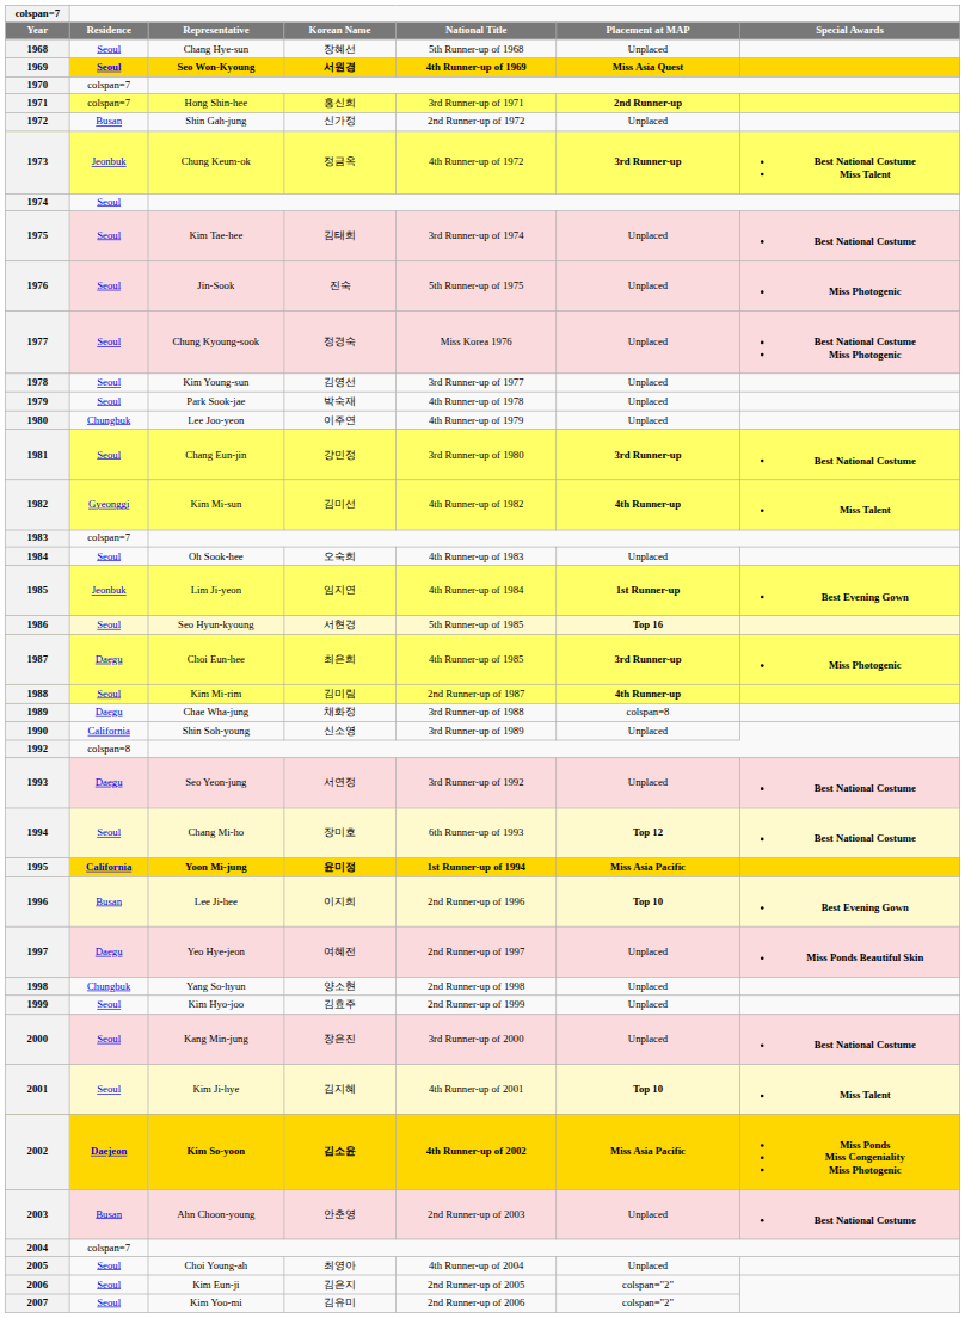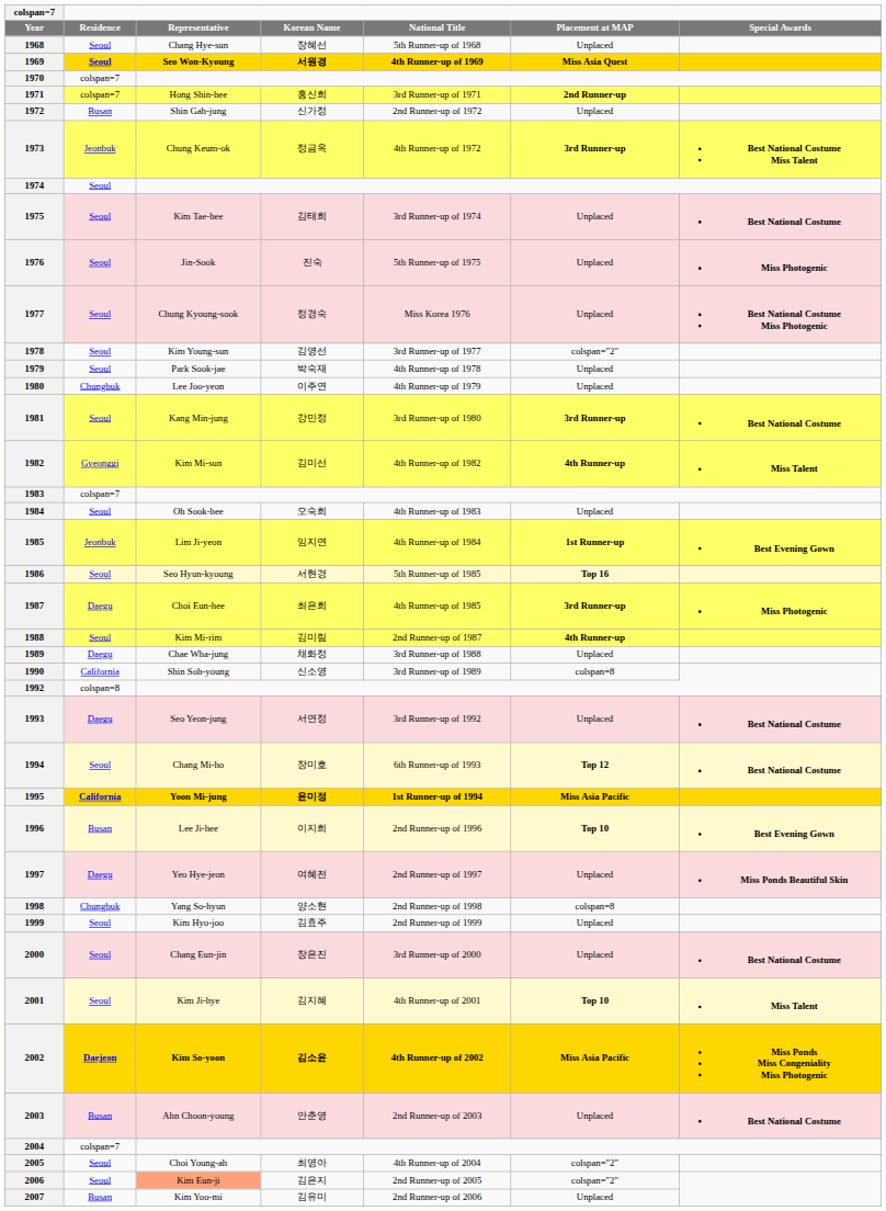 <table class="wikitable sortable" style="font-size: 85%; text-align:center">
 <tr>
 <th>colspan=7 </th>
 </tr>
 <tr>
 <th width="80" style="background-color:#787878;color:#FFFFFF;">Year</th>
 <th width="100" style="background-color:#787878;color:#FFFFFF;">Residence</th>
 <th width="180" style="background-color:#787878;color:#FFFFFF;">Representative</th>
 <th width="150" style="background-color:#787878;color:#FFFFFF;">Korean Name</th>
 <th width="220" style="background-color:#787878;color:#FFFFFF;">National Title</th>
 <th width="250" style="background-color:#787878;color:#FFFFFF;">Placement at MAP</th>
 <th width="300" style="background-color:#787878;color:#FFFFFF;">Special Awards</th>
 </tr>
 <tr>
 <th>1968</th>
 <td><a href='#'>Seoul</a></td>
 <td>Chang Hye-sun</td>
 <td>장혜선</td>
 <td>5th Runner-up of 1968</td>
 <td>Unplaced</td>
 <td></td>
 </tr>
 <tr align="center" style="background:gold; font-weight: bold">
 <th>1969</th>
 <td><a href='#'>Seoul</a></td>
 <td><strong>Seo Won-Kyoung</strong></td>
 <td>서원경</td>
 <td>4th Runner-up of 1969</td>
 <td><strong>Miss Asia Quest</strong></td>
 <td></td>
 </tr>
 <tr>
 <th>1970</th>
 <td>colspan=7 </td>
 </tr>
 <tr style="background-color:#FFFF66; ">
 <th>1971</th>
 <td>colspan=7 </td>
 <td>Hong Shin-hee</td>
 <td>홍신희</td>
 <td>3rd Runner-up of 1971</td>
 <td><strong>2nd Runner-up</strong></td>
 <td></td>
 </tr>
 <tr>
 <th>1972</th>
 <td><a href='#'>Busan</a></td>
 <td>Shin Gah-jung</td>
 <td>신가정</td>
 <td>2nd Runner-up of 1972</td>
 <td>Unplaced</td>
 <td></td>
 </tr>
 <tr style="background-color:#FFFF66; ">
 <th>1973</th>
 <td><a href='#'>Jeonbuk</a></td>
 <td>Chung Keum-ok</td>
 <td>정금옥</td>
 <td>4th Runner-up of 1972</td>
 <td><strong>3rd Runner-up</strong></td>
 <td><br><ul><li><strong>Best National Costume</strong></li><li><strong>Miss Talent</strong></li></ul></td>
 </tr>
 <tr>
 <th>1974</th>
 <td><a href='#'>Seoul</a></td>
 </tr>
 <tr style="background-color:#FADADD;: bold">
 <th>1975</th>
 <td><a href='#'>Seoul</a></td>
 <td>Kim Tae-hee</td>
 <td>김태희</td>
 <td>3rd Runner-up of 1974</td>
 <td>Unplaced</td>
 <td><br><ul><li><strong>Best National Costume</strong></li></ul></td>
 </tr>
 <tr style="background-color:#FADADD;: bold">
 <th>1976</th>
 <td><a href='#'>Seoul</a></td>
 <td>Jin-Sook</td>
 <td>진숙</td>
 <td>5th Runner-up of 1975</td>
 <td>Unplaced</td>
 <td><br><ul><li><strong>Miss Photogenic</strong></li></ul></td>
 </tr>
 <tr style="background-color:#FADADD;: bold">
 <th>1977</th>
 <td><a href='#'>Seoul</a></td>
 <td>Chung Kyoung-sook</td>
 <td>정경숙</td>
 <td>Miss Korea 1976</td>
 <td>Unplaced</td>
 <td><br><ul><li><strong>Best National Costume</strong></li><li><strong>Miss Photogenic</strong></li></ul></td>
 </tr>
 <tr>
 <th>1978</th>
 <td><a href='#'>Seoul</a></td>
 <td>Kim Young-sun</td>
 <td>김영선</td>
 <td>3rd Runner-up of 1977</td>
-<td>Unplaced</td>
+<td>colspan="2" </td>
 <td></td>
 </tr>
 <tr>
 <th>1979</th>
 <td><a href='#'>Seoul</a></td>
 <td>Park Sook-jae</td>
 <td>박숙재</td>
 <td>4th Runner-up of 1978</td>
 <td>Unplaced</td>
 <td></td>
 </tr>
 <tr>
 <th>1980</th>
 <td><a href='#'>Chungbuk</a></td>
 <td>Lee Joo-yeon</td>
 <td>이주연</td>
 <td>4th Runner-up of 1979</td>
 <td>Unplaced</td>
 <td></td>
 </tr>
 <tr style="background-color:#FFFF66; ">
 <th>1981</th>
 <td><a href='#'>Seoul</a></td>
-<td>Chang Eun-jin</td>
+<td>Kang Min-jung</td>
 <td>강민정</td>
 <td>3rd Runner-up of 1980</td>
 <td><strong>3rd Runner-up</strong></td>
 <td><br><ul><li><strong>Best National Costume</strong></li></ul></td>
 </tr>
 <tr style="background-color:#FFFF66; ">
 <th>1982</th>
 <td><a href='#'>Gyeonggi</a></td>
 <td>Kim Mi-sun</td>
 <td>김미선</td>
 <td>4th Runner-up of 1982</td>
 <td><strong>4th Runner-up</strong></td>
 <td><br><ul><li><strong>Miss Talent</strong></li></ul></td>
 </tr>
 <tr>
 <th>1983</th>
 <td>colspan=7 </td>
 </tr>
 <tr>
 <th>1984</th>
 <td><a href='#'>Seoul</a></td>
 <td>Oh Sook-hee</td>
 <td>오숙희</td>
 <td>4th Runner-up of 1983</td>
 <td>Unplaced</td>
 <td></td>
 </tr>
 <tr style="background-color:#FFFF66; ">
 <th>1985</th>
 <td><a href='#'>Jeonbuk</a></td>
 <td>Lim Ji-yeon</td>
 <td>임지연</td>
 <td>4th Runner-up of 1984</td>
 <td><strong>1st Runner-up</strong></td>
 <td><br><ul><li><strong>Best Evening Gown</strong></li></ul></td>
 </tr>
 <tr style="background-color:#FFFACD; ">
 <th>1986</th>
 <td><a href='#'>Seoul</a></td>
 <td>Seo Hyun-kyoung</td>
 <td>서현경</td>
 <td>5th Runner-up of 1985</td>
 <td><strong>Top 16</strong></td>
 <td></td>
 </tr>
 <tr style="background-color:#FFFF66; ">
 <th>1987</th>
 <td><a href='#'>Daegu</a></td>
 <td>Choi Eun-hee</td>
 <td>최은희</td>
 <td>4th Runner-up of 1985</td>
 <td><strong>3rd Runner-up</strong></td>
 <td><br><ul><li><strong>Miss Photogenic</strong></li></ul></td>
 </tr>
 <tr style="background-color:#FFFF66; ">
 <th>1988</th>
 <td><a href='#'>Seoul</a></td>
 <td>Kim Mi-rim</td>
 <td>김미림</td>
 <td>2nd Runner-up of 1987</td>
 <td><strong>4th Runner-up</strong></td>
 <td></td>
 </tr>
 <tr>
 <th>1989</th>
 <td><a href='#'>Daegu</a></td>
 <td>Chae Wha-jung</td>
 <td>채화정</td>
 <td>3rd Runner-up of 1988</td>
-<td>colspan=8 </td>
+<td>Unplaced</td>
 <td></td>
 </tr>
 <tr>
 <th>1990</th>
 <td><a href='#'>California</a></td>
 <td>Shin Soh-young</td>
 <td>신소영</td>
 <td>3rd Runner-up of 1989</td>
-<td>Unplaced</td>
+<td>colspan=8 </td>
 </tr>
 <tr>
 <th>1992</th>
 <td>colspan=8 </td>
 </tr>
 <tr style="background-color:#FADADD;: bold">
 <th>1993</th>
 <td><a href='#'>Daegu</a></td>
 <td>Seo Yeon-jung</td>
 <td>서연정</td>
 <td>3rd Runner-up of 1992</td>
 <td>Unplaced</td>
 <td><br><ul><li><strong>Best National Costume</strong></li></ul></td>
 </tr>
 <tr style="background-color:#FFFACD; ">
 <th>1994</th>
 <td><a href='#'>Seoul</a></td>
 <td>Chang Mi-ho</td>
 <td>장미호</td>
 <td>6th Runner-up of 1993</td>
 <td><strong>Top 12</strong></td>
 <td><br><ul><li><strong>Best National Costume</strong></li></ul></td>
 </tr>
 <tr align="center" style="background:gold; font-weight: bold">
 <th>1995</th>
 <td><a href='#'>California</a></td>
 <td><strong>Yoon Mi-jung</strong></td>
 <td>윤미정</td>
 <td>1st Runner-up of 1994</td>
 <td><strong>Miss Asia Pacific</strong></td>
 <td></td>
 </tr>
 <tr style="background-color:#FFFACD; ">
 <th>1996</th>
 <td><a href='#'>Busan</a></td>
 <td>Lee Ji-hee</td>
 <td>이지희</td>
 <td>2nd Runner-up of 1996</td>
 <td><strong>Top 10</strong></td>
 <td><br><ul><li><strong>Best Evening Gown</strong></li></ul></td>
 </tr>
 <tr style="background-color:#FADADD;: bold">
 <th>1997</th>
 <td><a href='#'>Daegu</a></td>
 <td>Yeo Hye-jeon</td>
 <td>여혜전</td>
 <td>2nd Runner-up of 1997</td>
 <td>Unplaced</td>
 <td><br><ul><li><strong>Miss Ponds Beautiful Skin</strong></li></ul></td>
 </tr>
 <tr>
 <th>1998</th>
 <td><a href='#'>Chungbuk</a></td>
 <td>Yang So-hyun</td>
 <td>양소현</td>
 <td>2nd Runner-up of 1998</td>
-<td>Unplaced</td>
+<td>colspan=8 </td>
 <td></td>
 </tr>
 <tr>
 <th>1999</th>
 <td><a href='#'>Seoul</a></td>
 <td>Kim Hyo-joo</td>
 <td>김효주</td>
 <td>2nd Runner-up of 1999</td>
 <td>Unplaced</td>
 <td></td>
 </tr>
 <tr style="background-color:#FADADD;: bold">
 <th>2000</th>
 <td><a href='#'>Seoul</a></td>
-<td>Kang Min-jung</td>
+<td>Chang Eun-jin</td>
 <td>장은진</td>
 <td>3rd Runner-up of 2000</td>
 <td>Unplaced</td>
 <td><br><ul><li><strong>Best National Costume</strong></li></ul></td>
 </tr>
 <tr style="background-color:#FFFACD; ">
 <th>2001</th>
 <td><a href='#'>Seoul</a></td>
 <td>Kim Ji-hye</td>
 <td>김지혜</td>
 <td>4th Runner-up of 2001</td>
 <td><strong>Top 10</strong></td>
 <td><br><ul><li><strong>Miss Talent</strong></li></ul></td>
 </tr>
 <tr align="center" style="background:gold; font-weight: bold">
 <th>2002</th>
 <td><a href='#'>Daejeon</a></td>
 <td><strong>Kim So-yoon</strong></td>
 <td>김소윤</td>
 <td>4th Runner-up of 2002</td>
 <td><strong>Miss Asia Pacific</strong></td>
 <td><br><ul><li><strong>Miss Ponds</strong></li><li><strong>Miss Congeniality</strong></li><li><strong>Miss Photogenic</strong></li></ul></td>
 </tr>
 <tr style="background-color:#FADADD;: bold">
 <th>2003</th>
 <td><a href='#'>Busan</a></td>
 <td>Ahn Choon-young</td>
 <td>안춘영</td>
 <td>2nd Runner-up of 2003</td>
 <td>Unplaced</td>
 <td><br><ul><li><strong>Best National Costume</strong></li></ul></td>
 </tr>
 <tr>
 <th>2004</th>
 <td>colspan=7 </td>
 </tr>
 <tr>
 <th>2005</th>
 <td><a href='#'>Seoul</a></td>
 <td>Choi Young-ah</td>
 <td>최영아</td>
 <td>4th Runner-up of 2004</td>
-<td>Unplaced</td>
+<td>colspan="2" </td>
 <td></td>
 </tr>
 <tr>
 <th>2006</th>
 <td><a href='#'>Seoul</a></td>
-<td>Kim Eun-ji</td>
+<td style="background: lightsalmon;">Kim Eun-ji</td>
 <td>김은지</td>
 <td>2nd Runner-up of 2005</td>
 <td>colspan="2" </td>
 </tr>
 <tr>
 <th>2007</th>
-<td><a href='#'>Seoul</a></td>
+<td><a href='#'>Busan</a></td>
 <td>Kim Yoo-mi</td>
 <td>김유미</td>
 <td>2nd Runner-up of 2006</td>
-<td>colspan="2" </td>
+<td>Unplaced</td>
 </tr>
 </table>
